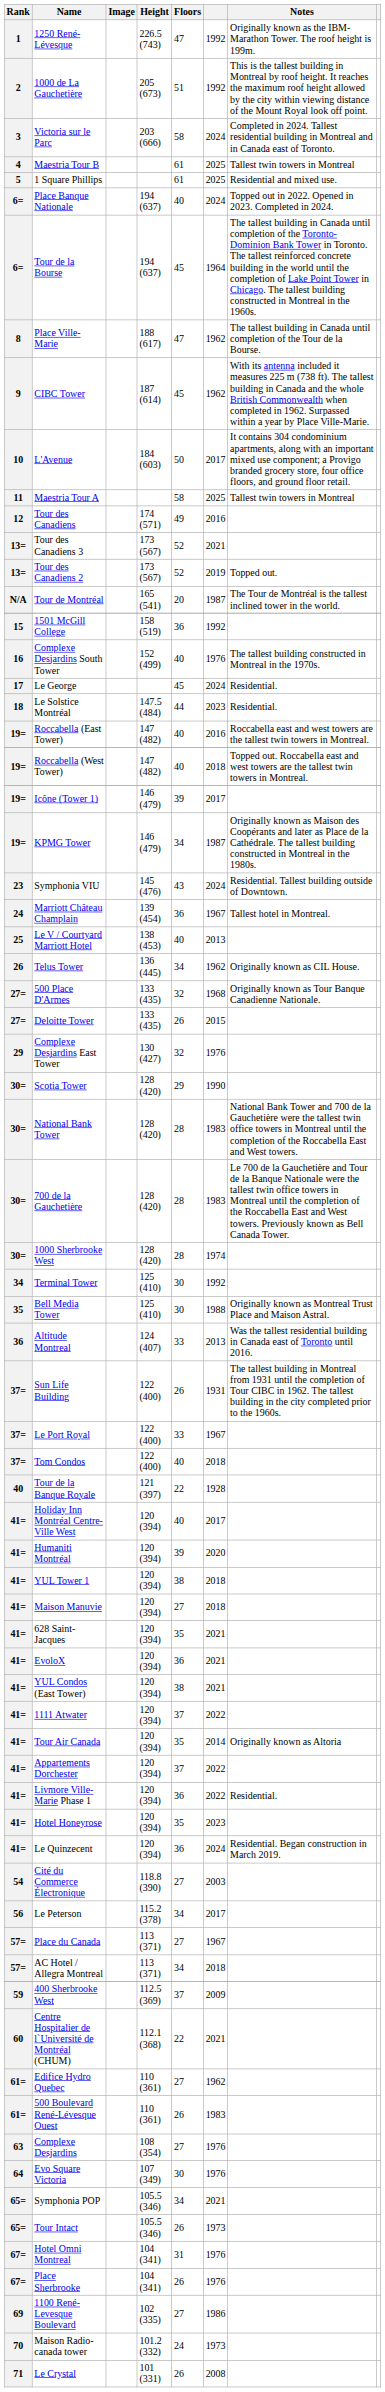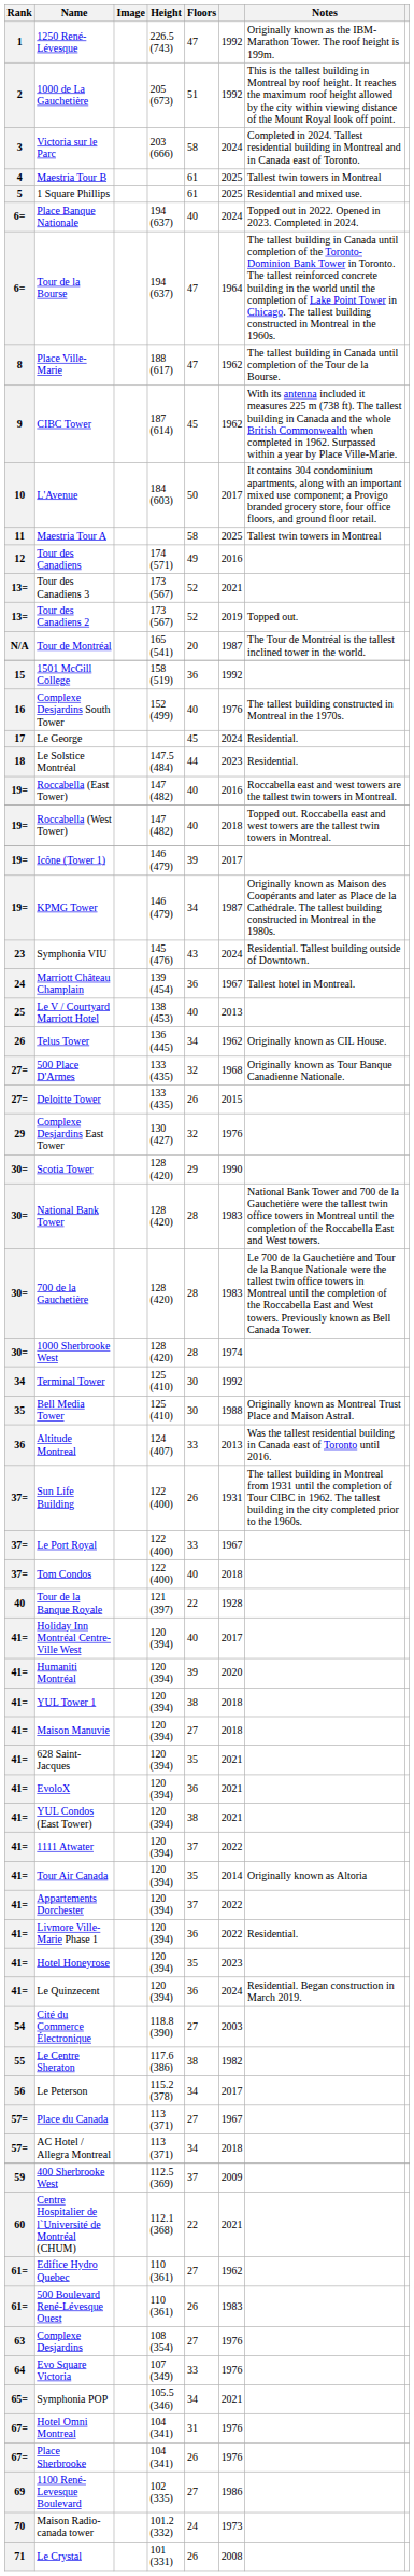 <table class="wikitable sortable" style="border:#999; background:white; paddin:3px">
 <tr>
 <th>Rank</th>
 <th>Name</th>
 <th class="unsortable">Image</th>
 <th>Height<br> </th>
 <th>Floors</th>
 <th></th>
 <th class="unsortable">Notes</th>
 <th></th>
 </tr>
 <tr>
 <th scople="row">1</th>
 <td><a href='#'>1250 René-Lévesque</a></td>
 <td></td>
 <td>226.5 (743)</td>
 <td>47</td>
 <td>1992</td>
 <td>Originally known as the IBM-Marathon Tower. The roof height is 199m.</td>
 <td></td>
 </tr>
 <tr>
 <th scople="row">2</th>
 <td><a href='#'>1000 de La Gauchetière</a></td>
 <td></td>
 <td>205 (673)</td>
 <td>51</td>
 <td>1992</td>
 <td>This is the tallest building in Montreal by roof height. It reaches the maximum roof height allowed by the city within viewing distance of the Mount Royal look off point.</td>
 <td></td>
 </tr>
 <tr>
 <th scople="row">3</th>
 <td><a href='#'>Victoria sur le Parc</a></td>
 <td></td>
 <td>203 (666)</td>
 <td>58</td>
 <td>2024</td>
 <td>Completed in 2024. Tallest residential building in Montreal and in Canada east of Toronto.</td>
 <td></td>
 </tr>
 <tr>
 <th scople="row">4</th>
 <td><a href='#'>Maestria Tour B</a></td>
 <td></td>
 <td></td>
 <td>61</td>
 <td>2025</td>
 <td>Tallest twin towers in Montreal</td>
 <td></td>
 </tr>
 <tr>
 <th scople="row">5</th>
 <td>1 Square Phillips</td>
 <td></td>
 <td></td>
 <td>61</td>
 <td>2025</td>
 <td>Residential and mixed use.</td>
 <td></td>
 </tr>
 <tr>
 <th scople="row">6=</th>
 <td><a href='#'>Place Banque Nationale</a></td>
 <td></td>
 <td>194 (637)</td>
 <td>40</td>
 <td>2024</td>
 <td>Topped out in 2022. Opened in 2023. Completed in 2024.</td>
 <td></td>
 </tr>
 <tr>
 <th scople="row">6=</th>
 <td><a href='#'>Tour de la Bourse</a></td>
 <td></td>
 <td>194 (637)</td>
-<td>45</td>
+<td>47</td>
 <td>1964</td>
 <td>The tallest building in Canada until completion of the <a href='#'>Toronto-Dominion Bank Tower</a> in Toronto. The tallest reinforced concrete building in the world until the completion of <a href='#'>Lake Point Tower</a> in <a href='#'>Chicago</a>. The tallest building constructed in Montreal in the 1960s.</td>
 <td></td>
 </tr>
 <tr>
 <th scople="row">8</th>
 <td><a href='#'>Place Ville-Marie</a></td>
 <td></td>
 <td>188 (617)</td>
 <td>47</td>
 <td>1962</td>
 <td>The tallest building in Canada until completion of the Tour de la Bourse.</td>
 <td></td>
 </tr>
 <tr>
 <th scople="row">9</th>
 <td><a href='#'>CIBC Tower</a></td>
 <td></td>
 <td>187 (614)</td>
 <td>45</td>
 <td>1962</td>
 <td>With its <a href='#'>antenna</a> included it measures 225 m (738 ft). The tallest building in Canada and the whole <a href='#'>British Commonwealth</a> when completed in 1962. Surpassed within a year by Place Ville-Marie.</td>
 <td></td>
 </tr>
 <tr>
 <th scople="row">10</th>
 <td><a href='#'>L'Avenue</a></td>
 <td></td>
 <td>184 (603)</td>
 <td>50</td>
 <td>2017</td>
 <td>It contains 304 condominium apartments, along with an important mixed use component; a Provigo branded grocery store, four office floors, and ground floor retail.</td>
 <td></td>
 </tr>
 <tr>
 <th scople="row">11</th>
 <td><a href='#'>Maestria Tour A</a></td>
 <td></td>
 <td></td>
 <td>58</td>
 <td>2025</td>
 <td>Tallest twin towers in Montreal</td>
 <td></td>
 </tr>
 <tr>
 <th scople="row">12</th>
 <td><a href='#'>Tour des Canadiens</a></td>
 <td></td>
 <td>174 (571)</td>
 <td>49</td>
 <td>2016</td>
 <td></td>
 <td></td>
 </tr>
 <tr>
 <th scople="row">13=</th>
 <td>Tour des Canadiens 3</td>
 <td></td>
 <td>173 (567)</td>
 <td>52</td>
 <td>2021</td>
 <td></td>
 <td></td>
 </tr>
 <tr>
 <th scople="row">13=</th>
 <td><a href='#'>Tour des Canadiens 2</a></td>
 <td></td>
 <td>173 (567)</td>
 <td>52</td>
 <td>2019</td>
 <td>Topped out.</td>
 <td></td>
 </tr>
 <tr>
 <th scople="row">N/A</th>
 <td><a href='#'>Tour de Montréal</a></td>
 <td></td>
 <td>165 (541)</td>
 <td>20</td>
 <td>1987</td>
 <td>The Tour de Montréal is the tallest inclined tower in the world.</td>
 <td></td>
 </tr>
 <tr>
 </tr>
 <tr>
 <th scople="row">15</th>
 <td><a href='#'>1501 McGill College</a></td>
 <td></td>
 <td>158 (519)</td>
 <td>36</td>
 <td>1992</td>
 <td></td>
 <td></td>
 </tr>
 <tr>
 <th scople="row">16</th>
 <td><a href='#'>Complexe Desjardins</a> South Tower</td>
 <td></td>
 <td>152 (499)</td>
 <td>40</td>
 <td>1976</td>
 <td>The tallest building constructed in Montreal in the 1970s.</td>
 <td></td>
 </tr>
 <tr>
 <th scople="row">17</th>
 <td>Le George</td>
 <td></td>
 <td></td>
 <td>45</td>
 <td>2024</td>
 <td>Residential.</td>
 <td></td>
 </tr>
 <tr>
 <th scople="row">18</th>
 <td>Le Solstice Montréal</td>
 <td></td>
 <td>147.5 (484)</td>
 <td>44</td>
 <td>2023</td>
 <td>Residential.</td>
 <td></td>
 </tr>
 <tr>
 <th scople="row">19=</th>
 <td><a href='#'>Roccabella</a> (East Tower)</td>
 <td></td>
 <td>147 (482)</td>
 <td>40</td>
 <td>2016</td>
 <td>Roccabella east and west towers are the tallest twin towers in Montreal.</td>
 <td></td>
 </tr>
 <tr D>
 </tr>
 <tr>
 <th scople="row">19=</th>
 <td><a href='#'>Roccabella</a> (West Tower)</td>
 <td></td>
 <td>147 (482)</td>
 <td>40</td>
 <td>2018</td>
 <td>Topped out. Roccabella east and west towers are the tallest twin towers in Montreal.</td>
 <td></td>
 </tr>
 <tr>
 </tr>
 <tr>
 <th scople="row">19=</th>
 <td><a href='#'>Icône (Tower 1)</a></td>
 <td></td>
 <td>146 (479)</td>
 <td>39</td>
 <td>2017</td>
 <td></td>
 <td></td>
 </tr>
 <tr>
 <th scople="row">19=</th>
 <td><a href='#'>KPMG Tower</a></td>
 <td></td>
 <td>146 (479)</td>
 <td>34</td>
 <td>1987</td>
 <td>Originally known as Maison des Coopérants and later as Place de la Cathédrale. The tallest building constructed in Montreal in the 1980s.</td>
 <td></td>
 </tr>
 <tr>
 <th scople="row">23</th>
 <td>Symphonia VIU</td>
 <td></td>
 <td>145 (476)</td>
 <td>43</td>
 <td>2024</td>
 <td>Residential. Tallest building outside of Downtown.</td>
 <td></td>
 </tr>
 <tr>
 <th scople="row">24</th>
 <td><a href='#'>Marriott Château Champlain</a></td>
 <td></td>
 <td>139 (454)</td>
 <td>36</td>
 <td>1967</td>
 <td>Tallest hotel in Montreal.</td>
 <td></td>
 </tr>
 <tr>
 <th scople="row">25</th>
 <td><a href='#'>Le V / Courtyard Marriott Hotel</a></td>
 <td></td>
 <td>138 (453)</td>
 <td>40</td>
 <td>2013</td>
 <td></td>
 <td></td>
 </tr>
 <tr>
 <th scople="row">26</th>
 <td><a href='#'>Telus Tower</a></td>
 <td></td>
 <td>136 (445)</td>
 <td>34</td>
 <td>1962</td>
 <td>Originally known as CIL House.</td>
 <td></td>
 </tr>
 <tr>
 <th scople="row">27=</th>
 <td><a href='#'>500 Place D'Armes</a></td>
 <td></td>
 <td>133 (435)</td>
 <td>32</td>
 <td>1968</td>
 <td>Originally known as Tour Banque Canadienne Nationale.</td>
 <td></td>
 </tr>
 <tr>
 <th scople="row">27=</th>
 <td><a href='#'>Deloitte Tower</a></td>
 <td></td>
 <td>133 (435)</td>
 <td>26</td>
 <td>2015</td>
 <td></td>
 <td></td>
 </tr>
 <tr>
 <th scople="row">29</th>
 <td><a href='#'>Complexe Desjardins</a> East Tower</td>
 <td></td>
 <td>130 (427)</td>
 <td>32</td>
 <td>1976</td>
 <td></td>
 <td></td>
 </tr>
 <tr>
 <th scople="row">30=</th>
 <td><a href='#'>Scotia Tower</a></td>
 <td></td>
 <td>128 (420)</td>
 <td>29</td>
 <td>1990</td>
 <td></td>
 <td></td>
 </tr>
 <tr>
 <th scople="row">30=</th>
 <td><a href='#'>National Bank Tower</a></td>
 <td></td>
 <td>128 (420)</td>
 <td>28</td>
 <td>1983</td>
 <td>National Bank Tower and 700 de la Gauchetière were the tallest twin office towers in Montreal until the completion of the Roccabella East and West towers.</td>
 <td></td>
 </tr>
 <tr>
 <th scople="row">30=</th>
 <td><a href='#'>700 de la Gauchetière</a></td>
 <td></td>
 <td>128 (420)</td>
 <td>28</td>
 <td>1983</td>
 <td>Le 700 de la Gauchetière and Tour de la Banque Nationale were the tallest twin office towers in Montreal until the completion of the Roccabella East and West towers. Previously known as Bell Canada Tower.</td>
 <td></td>
 </tr>
 <tr>
 <th scople="row">30=</th>
 <td><a href='#'>1000 Sherbrooke West</a></td>
 <td></td>
 <td>128 (420)</td>
 <td>28</td>
 <td>1974</td>
 <td></td>
 <td></td>
 </tr>
 <tr>
 <th scople="row">34</th>
 <td><a href='#'>Terminal Tower</a></td>
 <td></td>
 <td>125 (410)</td>
 <td>30</td>
 <td>1992</td>
 <td></td>
 <td></td>
 </tr>
 <tr>
 <th scople="row">35</th>
 <td><a href='#'>Bell Media Tower</a></td>
 <td></td>
 <td>125 (410)</td>
 <td>30</td>
 <td>1988</td>
 <td>Originally known as Montreal Trust Place and Maison Astral.</td>
 <td></td>
 </tr>
 <tr>
 <th scople="row">36</th>
 <td><a href='#'>Altitude Montreal</a></td>
 <td></td>
 <td>124 (407)</td>
 <td>33</td>
 <td>2013</td>
 <td>Was the tallest residential building in Canada east of <a href='#'>Toronto</a> until 2016.</td>
 <td></td>
 </tr>
 <tr>
 <th scople="row">37=</th>
 <td><a href='#'>Sun Life Building</a></td>
 <td></td>
 <td>122 (400)</td>
 <td>26</td>
 <td>1931</td>
 <td>The tallest building in Montreal from 1931 until the completion of Tour CIBC in 1962. The tallest building in the city completed prior to the 1960s.</td>
 <td></td>
 </tr>
 <tr>
 <th scople="row">37=</th>
 <td><a href='#'>Le Port Royal</a></td>
 <td></td>
 <td>122 (400)</td>
 <td>33</td>
 <td>1967</td>
 <td></td>
 <td></td>
 </tr>
 <tr>
 <th scople="row">37=</th>
 <td><a href='#'>Tom Condos</a></td>
 <td></td>
 <td>122 (400)</td>
 <td>40</td>
 <td>2018</td>
 <td></td>
 <td></td>
 </tr>
 <tr>
 <th scople="row">40</th>
 <td><a href='#'>Tour de la Banque Royale</a></td>
 <td></td>
 <td>121 (397)</td>
 <td>22</td>
 <td>1928</td>
 <td></td>
 <td></td>
 </tr>
 <tr>
 <th scople="row">41=</th>
 <td><a href='#'>Holiday Inn Montréal Centre-Ville West</a></td>
 <td></td>
 <td>120 (394)</td>
 <td>40</td>
 <td>2017</td>
 <td></td>
 <td></td>
 </tr>
 <tr>
 <th scople="row">41=</th>
 <td><a href='#'>Humaniti Montréal</a></td>
 <td></td>
 <td>120 (394)</td>
 <td>39</td>
 <td>2020</td>
 <td></td>
 <td></td>
 </tr>
 <tr>
 <th scople="row">41=</th>
 <td><a href='#'>YUL Tower 1</a></td>
 <td></td>
 <td>120 (394)</td>
 <td>38</td>
 <td>2018</td>
 <td></td>
 <td></td>
 </tr>
 <tr>
 <th scople="row">41=</th>
 <td><a href='#'>Maison Manuvie</a></td>
 <td></td>
 <td>120 (394)</td>
 <td>27</td>
 <td>2018</td>
 <td></td>
 <td></td>
 </tr>
 <tr>
 <th scople="row">41=</th>
 <td>628 Saint-Jacques</td>
 <td></td>
 <td>120 (394)</td>
 <td>35</td>
 <td>2021</td>
 <td></td>
 <td></td>
 </tr>
 <tr>
 <th scople="row">41=</th>
 <td><a href='#'>EvoloX</a></td>
 <td></td>
 <td>120 (394)</td>
 <td>36</td>
 <td>2021</td>
 <td></td>
 <td></td>
 </tr>
 <tr>
 <th scople="row">41=</th>
 <td><a href='#'>YUL Condos</a> (East Tower)</td>
 <td></td>
 <td>120 (394)</td>
 <td>38</td>
 <td>2021</td>
 <td></td>
 <td></td>
 </tr>
 <tr>
 <th scople="row">41=</th>
 <td><a href='#'>1111 Atwater</a></td>
 <td></td>
 <td>120 (394)</td>
 <td>37</td>
 <td>2022</td>
 <td></td>
 <td></td>
 </tr>
 <tr>
 <th scople="row">41=</th>
 <td><a href='#'>Tour Air Canada</a></td>
 <td></td>
 <td>120 (394)</td>
 <td>35</td>
 <td>2014</td>
 <td>Originally known as Altoria</td>
 <td></td>
 </tr>
 <tr>
 <th scople="row">41=</th>
 <td><a href='#'>Appartements Dorchester</a></td>
 <td></td>
 <td>120 (394)</td>
 <td>37</td>
 <td>2022</td>
 <td></td>
 <td></td>
 </tr>
 <tr>
 <th scople="row">41=</th>
 <td><a href='#'>Livmore Ville-Marie</a> Phase 1</td>
 <td></td>
 <td>120 (394)</td>
 <td>36</td>
 <td>2022</td>
 <td>Residential.</td>
 <td></td>
 </tr>
 <tr>
 <th scople="row">41=</th>
 <td><a href='#'>Hotel Honeyrose</a></td>
 <td></td>
 <td>120 (394)</td>
 <td>35</td>
 <td>2023</td>
 <td></td>
 <td></td>
 </tr>
 <tr>
 <th scople="row">41=</th>
 <td>Le Quinzecent</td>
 <td></td>
 <td>120 (394)</td>
 <td>36</td>
 <td>2024</td>
 <td>Residential. Began construction in March 2019.</td>
 <td></td>
 </tr>
 <tr>
 <th scople="row">54</th>
 <td><a href='#'>Cité du Commerce Électronique</a></td>
 <td></td>
 <td>118.8 (390)</td>
 <td>27</td>
 <td>2003</td>
 <td></td>
 <td></td>
 </tr>
 <tr>
+<th scople="row">55</th>
+<td><a href='#'>Le Centre Sheraton</a></td>
+<td></td>
+<td>117.6 (386)</td>
+<td>38</td>
+<td>1982</td>
+<td></td>
+<td></td>
+</tr>
+<tr>
 <th scople="row">56</th>
 <td>Le Peterson</td>
 <td></td>
 <td>115.2 (378)</td>
 <td>34</td>
 <td>2017</td>
 <td></td>
 <td></td>
 </tr>
 <tr>
 <th scople="row">57=</th>
 <td><a href='#'>Place du Canada</a></td>
 <td></td>
 <td>113 (371)</td>
 <td>27</td>
 <td>1967</td>
 <td></td>
 <td></td>
 </tr>
 <tr>
 <th scople="row">57=</th>
 <td>AC Hotel / Allegra Montreal</td>
 <td></td>
 <td>113 (371)</td>
 <td>34</td>
 <td>2018</td>
 <td></td>
 <td></td>
 </tr>
 <tr>
 </tr>
 <tr>
 <th scople="row">59</th>
 <td><a href='#'>400 Sherbrooke West</a></td>
 <td></td>
 <td>112.5 (369)</td>
 <td>37</td>
 <td>2009</td>
 <td></td>
 <td></td>
 </tr>
 <tr>
 <th scople="row">60</th>
 <td><a href='#'>Centre Hospitalier de l`Université de Montréal</a> (CHUM)</td>
 <td></td>
 <td>112.1 (368)</td>
 <td>22</td>
 <td>2021</td>
 <td></td>
 <td></td>
 </tr>
 <tr>
 <th scople="row">61=</th>
 <td><a href='#'>Edifice Hydro Quebec</a></td>
 <td></td>
 <td>110 (361)</td>
 <td>27</td>
 <td>1962</td>
 <td></td>
 <td></td>
 </tr>
 <tr>
 <th scople="row">61=</th>
 <td><a href='#'>500 Boulevard René-Lévesque Ouest</a></td>
 <td></td>
 <td>110 (361)</td>
 <td>26</td>
 <td>1983</td>
 <td></td>
 <td></td>
 </tr>
 <tr>
 <th scople="row">63</th>
 <td><a href='#'>Complexe Desjardins</a></td>
 <td></td>
 <td>108 (354)</td>
 <td>27</td>
 <td>1976</td>
 <td></td>
 <td></td>
 </tr>
 <tr>
 <th scople="row">64</th>
 <td><a href='#'>Evo Square Victoria</a></td>
 <td></td>
 <td>107 (349)</td>
-<td>30</td>
+<td>33</td>
 <td>1976</td>
 <td></td>
 <td></td>
 </tr>
 <tr>
 <th scople="row">65=</th>
 <td>Symphonia POP</td>
 <td></td>
 <td>105.5 (346)</td>
 <td>34</td>
 <td>2021</td>
-<td></td>
-<td></td>
-</tr>
-<tr>
-<th scople="row">65=</th>
-<td><a href='#'>Tour Intact</a></td>
-<td></td>
-<td>105.5 (346)</td>
-<td>26</td>
-<td>1973</td>
 <td></td>
 <td></td>
 </tr>
 <tr>
 <th scople="row">67=</th>
 <td><a href='#'>Hotel Omni Montreal</a></td>
 <td></td>
 <td>104 (341)</td>
 <td>31</td>
 <td>1976</td>
 <td></td>
 <td></td>
 </tr>
 <tr>
 <th scople="row">67=</th>
 <td><a href='#'>Place Sherbrooke</a></td>
 <td></td>
 <td>104 (341)</td>
 <td>26</td>
 <td>1976</td>
 <td></td>
 <td></td>
 </tr>
 <tr>
 <th scople="row">69</th>
 <td><a href='#'>1100 René-Levesque Boulevard</a></td>
 <td></td>
 <td>102 (335)</td>
 <td>27</td>
 <td>1986</td>
 <td></td>
 <td></td>
 </tr>
 <tr>
 <th scople="row">70</th>
 <td>Maison Radio-canada tower</td>
 <td></td>
 <td>101.2 (332)</td>
 <td>24</td>
 <td>1973</td>
 <td></td>
 <td></td>
 </tr>
 <tr>
 <th scople="row">71</th>
 <td><a href='#'>Le Crystal</a></td>
 <td></td>
 <td>101 (331)</td>
 <td>26</td>
 <td>2008</td>
 <td></td>
 <td></td>
 </tr>
 <tr>
 </tr>
 </table>
